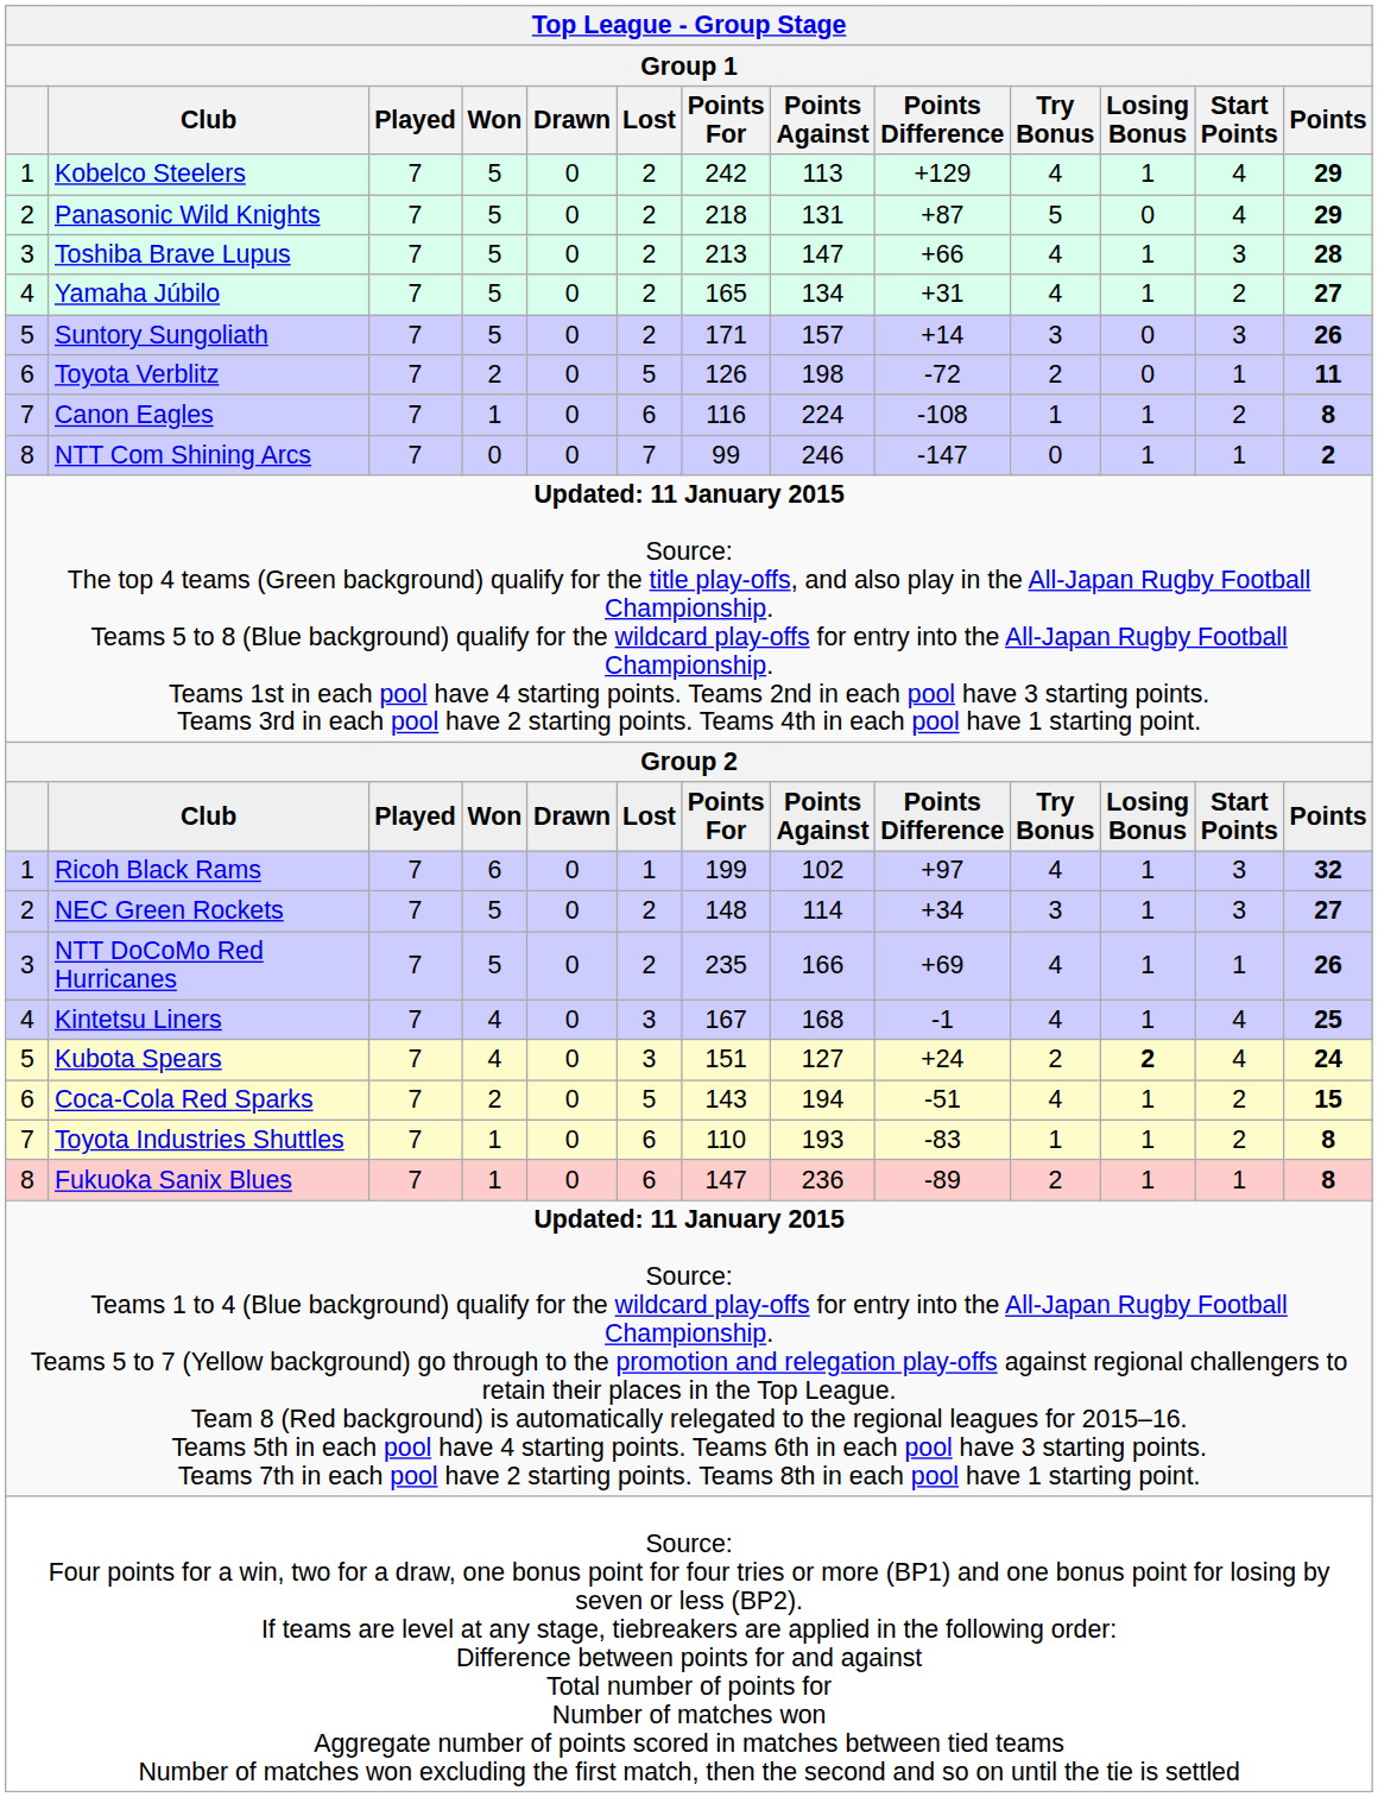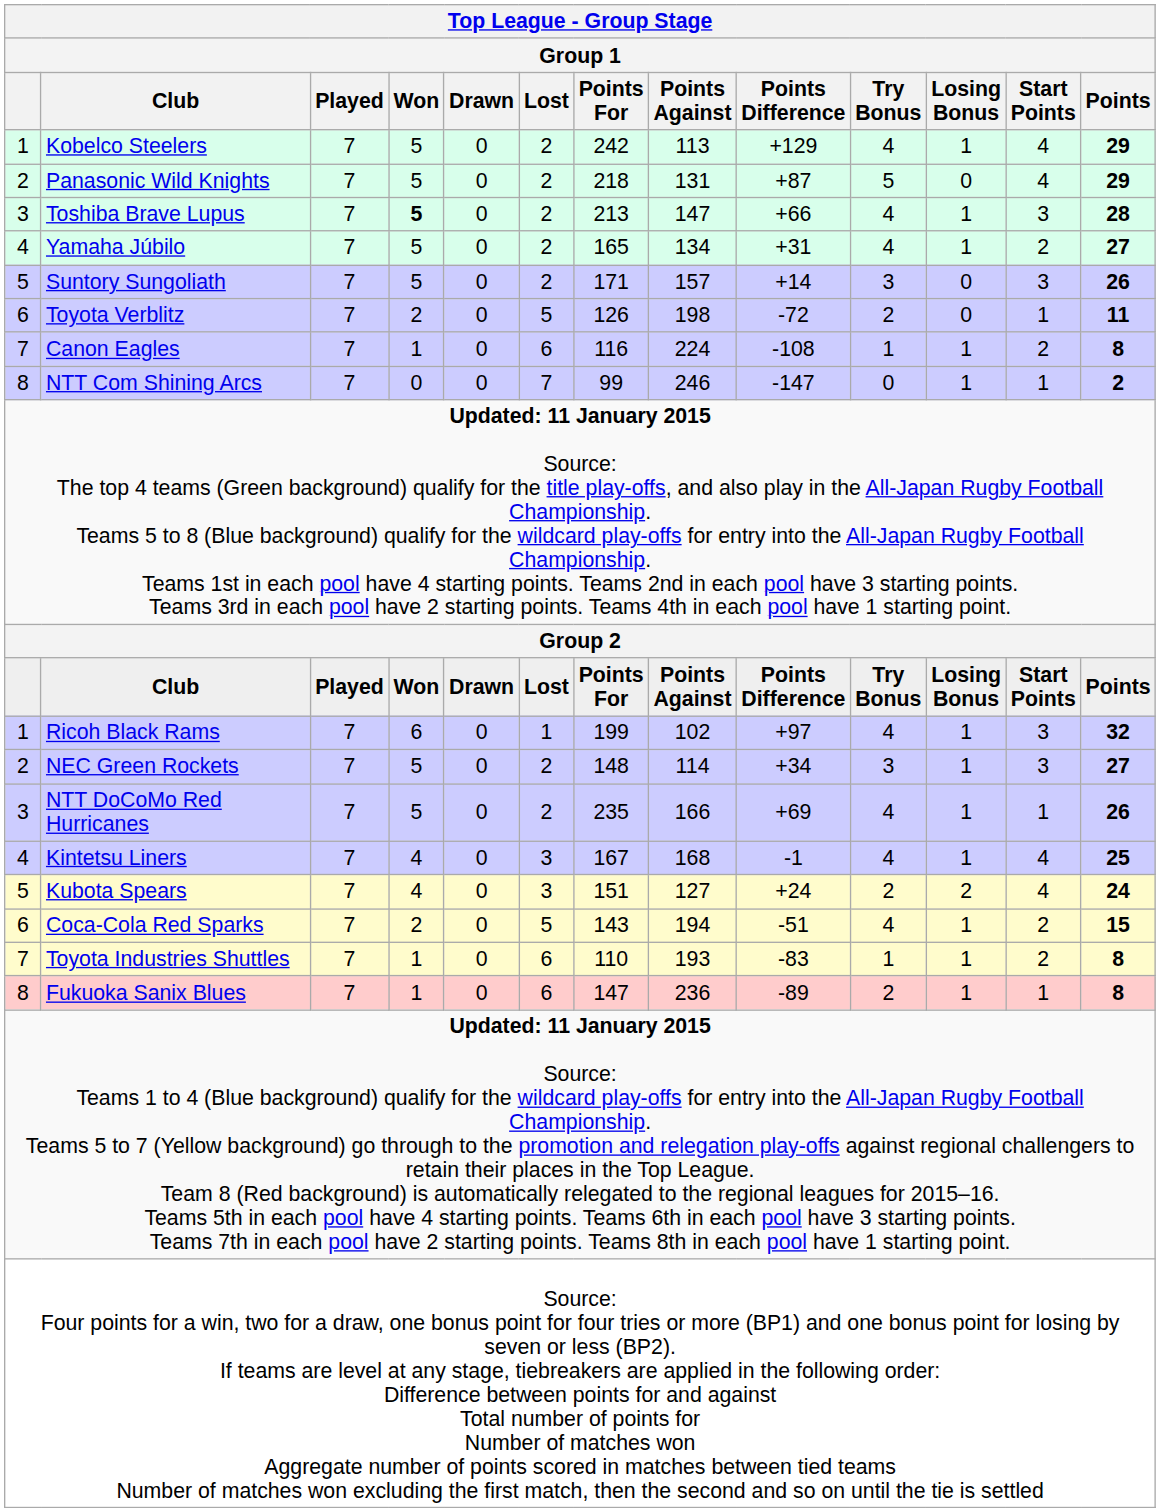 <table class="wikitable" style="text-align: center;">
 <tr bgcolor="#f9f9f9">
 <th colspan="15" cellpadding="0" cellspacing="0"><strong><a href='#'>Top League - Group Stage</a></strong></th>
 </tr>
 <tr bgcolor="#f3f3f3">
 <td colspan="15" cellpadding="0" cellspacing="0"><strong>Group 1</strong></td>
 </tr>
 <tr>
 <th bgcolor="#efefef" width="20"></th>
 <th bgcolor="#efefef" width="195">Club</th>
 <th bgcolor="#efefef" width="20">Played</th>
 <th bgcolor="#efefef" width="20">Won</th>
 <th bgcolor="#efefef" width="20">Drawn</th>
 <th bgcolor="#efefef" width="20">Lost</th>
 <th bgcolor="#efefef" width="20">Points For</th>
 <th bgcolor="#efefef" width="20">Points Against</th>
 <th bgcolor="#efefef" width="20">Points Difference</th>
 <th bgcolor="#efefef" width="20">Try Bonus</th>
 <th bgcolor="#efefef" width="20">Losing Bonus</th>
 <th bgcolor="#efefef" width="20">Start Points</th>
 <th bgcolor="#efefef" width="20">Points<br></th>
 </tr>
 <tr bgcolor=#d8ffeb align=center>
 <td>1</td>
 <td align=left><a href='#'>Kobelco Steelers</a></td>
 <td>7</td>
 <td>5</td>
 <td>0</td>
 <td>2</td>
 <td>242</td>
 <td>113</td>
 <td>+129</td>
 <td>4</td>
 <td>1</td>
 <td>4</td>
 <td><strong>29</strong></td>
 </tr>
 <tr bgcolor=#d8ffeb align=center>
 <td>2</td>
 <td align=left><a href='#'>Panasonic Wild Knights</a></td>
 <td>7</td>
 <td>5</td>
 <td>0</td>
 <td>2</td>
 <td>218</td>
 <td>131</td>
 <td>+87</td>
 <td>5</td>
 <td>0</td>
 <td>4</td>
 <td><strong>29</strong></td>
 </tr>
 <tr bgcolor=#d8ffeb align=center>
 <td>3</td>
 <td align=left><a href='#'>Toshiba Brave Lupus</a></td>
 <td>7</td>
-<td>5</td>
+<td><strong>5</strong></td>
 <td>0</td>
 <td>2</td>
 <td>213</td>
 <td>147</td>
 <td>+66</td>
 <td>4</td>
 <td>1</td>
 <td>3</td>
 <td><strong>28</strong></td>
 </tr>
 <tr bgcolor=#d8ffeb align=center>
 <td>4</td>
 <td align=left><a href='#'>Yamaha Júbilo</a></td>
 <td>7</td>
 <td>5</td>
 <td>0</td>
 <td>2</td>
 <td>165</td>
 <td>134</td>
 <td>+31</td>
 <td>4</td>
 <td>1</td>
 <td>2</td>
 <td><strong>27</strong></td>
 </tr>
 <tr bgcolor=#ccccff align=center>
 <td>5</td>
 <td align=left><a href='#'>Suntory Sungoliath</a></td>
 <td>7</td>
 <td>5</td>
 <td>0</td>
 <td>2</td>
 <td>171</td>
 <td>157</td>
 <td>+14</td>
 <td>3</td>
 <td>0</td>
 <td>3</td>
 <td><strong>26</strong></td>
 </tr>
 <tr bgcolor=#ccccff align=center>
 <td>6</td>
 <td align=left><a href='#'>Toyota Verblitz</a></td>
 <td>7</td>
 <td>2</td>
 <td>0</td>
 <td>5</td>
 <td>126</td>
 <td>198</td>
 <td>-72</td>
 <td>2</td>
 <td>0</td>
 <td>1</td>
 <td><strong>11</strong></td>
 </tr>
 <tr bgcolor=#ccccff align=center>
 <td>7</td>
 <td align=left><a href='#'>Canon Eagles</a></td>
 <td>7</td>
 <td>1</td>
 <td>0</td>
 <td>6</td>
 <td>116</td>
 <td>224</td>
 <td>-108</td>
 <td>1</td>
 <td>1</td>
 <td>2</td>
 <td><strong>8</strong></td>
 </tr>
 <tr bgcolor=#ccccff align=center>
 <td>8</td>
 <td align=left><a href='#'>NTT Com Shining Arcs</a></td>
 <td>7</td>
 <td>0</td>
 <td>0</td>
 <td>7</td>
 <td>99</td>
 <td>246</td>
 <td>-147</td>
 <td>0</td>
 <td>1</td>
 <td>1</td>
 <td><strong>2</strong></td>
 </tr>
 <tr bgcolor="#f9f9f9" align=center>
 <td colspan="15" style="border:0px"><strong>Updated: 11 January 2015</strong> <br><br>Source: <br>  The top 4 teams <span>(Green background)</span> qualify for the <a href='#'>title play-offs</a>, and also play in the <a href='#'>All-Japan Rugby Football Championship</a>.<br>  Teams 5 to 8 <span>(Blue background)</span> qualify for the <a href='#'>wildcard play-offs</a> for entry into the <a href='#'>All-Japan Rugby Football Championship</a>.<br> Teams 1st in each <a href='#'>pool</a> have 4 starting points. Teams 2nd in each <a href='#'>pool</a> have 3 starting points.<br> Teams 3rd in each <a href='#'>pool</a> have 2 starting points. Teams 4th in each <a href='#'>pool</a> have 1 starting point.<br></td>
 </tr>
 <tr |align=left|>
 </tr>
 <tr bgcolor="#f3f3f3">
 <td colspan="15" cellpadding="0" cellspacing="0"><strong>Group 2</strong></td>
 </tr>
 <tr style="font-weight: bold;">
 <td bgcolor="#efefef" width="20"></td>
 <td bgcolor="#efefef" width="195">Club</td>
 <td bgcolor="#efefef" width="20">Played</td>
 <td bgcolor="#efefef" width="20">Won</td>
 <td bgcolor="#efefef" width="20">Drawn</td>
 <td bgcolor="#efefef" width="20">Lost</td>
 <td bgcolor="#efefef" width="20">Points For</td>
 <td bgcolor="#efefef" width="20">Points Against</td>
 <td bgcolor="#efefef" width="20">Points Difference</td>
 <td bgcolor="#efefef" width="20">Try Bonus</td>
 <td bgcolor="#efefef" width="20">Losing Bonus</td>
 <td bgcolor="#efefef" width="20">Start Points</td>
 <td bgcolor="#efefef" width="20">Points<br></td>
 </tr>
 <tr bgcolor=#ccccff align=center>
 <td>1</td>
 <td align=left><a href='#'>Ricoh Black Rams</a></td>
 <td>7</td>
 <td>6</td>
 <td>0</td>
 <td>1</td>
 <td>199</td>
 <td>102</td>
 <td>+97</td>
 <td>4</td>
 <td>1</td>
 <td>3</td>
 <td><strong>32</strong></td>
 </tr>
 <tr bgcolor=#ccccff align=center>
 <td>2</td>
 <td align=left><a href='#'>NEC Green Rockets</a></td>
 <td>7</td>
 <td>5</td>
 <td>0</td>
 <td>2</td>
 <td>148</td>
 <td>114</td>
 <td>+34</td>
 <td>3</td>
 <td>1</td>
 <td>3</td>
 <td><strong>27</strong></td>
 </tr>
 <tr bgcolor=#ccccff align=center>
 <td>3</td>
 <td align=left><a href='#'>NTT DoCoMo Red Hurricanes</a></td>
 <td>7</td>
 <td>5</td>
 <td>0</td>
 <td>2</td>
 <td>235</td>
 <td>166</td>
 <td>+69</td>
 <td>4</td>
 <td>1</td>
 <td>1</td>
 <td><strong>26</strong></td>
 </tr>
 <tr bgcolor=#ccccff align=center>
 <td>4</td>
 <td align=left><a href='#'>Kintetsu Liners</a></td>
 <td>7</td>
 <td>4</td>
 <td>0</td>
 <td>3</td>
 <td>167</td>
 <td>168</td>
 <td>-1</td>
 <td>4</td>
 <td>1</td>
 <td>4</td>
 <td><strong>25</strong></td>
 </tr>
 <tr bgcolor=#fffccc align=center>
 <td>5</td>
 <td align=left><a href='#'>Kubota Spears</a></td>
 <td>7</td>
 <td>4</td>
 <td>0</td>
 <td>3</td>
 <td>151</td>
 <td>127</td>
 <td>+24</td>
 <td>2</td>
-<td><strong>2</strong></td>
+<td>2</td>
 <td>4</td>
 <td><strong>24</strong></td>
 </tr>
 <tr bgcolor=#fffccc align=center>
 <td>6</td>
 <td align=left><a href='#'>Coca-Cola Red Sparks</a></td>
 <td>7</td>
 <td>2</td>
 <td>0</td>
 <td>5</td>
 <td>143</td>
 <td>194</td>
 <td>-51</td>
 <td>4</td>
 <td>1</td>
 <td>2</td>
 <td><strong>15</strong></td>
 </tr>
 <tr bgcolor=#fffccc align=center>
 <td>7</td>
 <td align=left><a href='#'>Toyota Industries Shuttles</a></td>
 <td>7</td>
 <td>1</td>
 <td>0</td>
 <td>6</td>
 <td>110</td>
 <td>193</td>
 <td>-83</td>
 <td>1</td>
 <td>1</td>
 <td>2</td>
 <td><strong>8</strong></td>
 </tr>
 <tr bgcolor=#ffcccc align=center>
 <td>8</td>
 <td align=left><a href='#'>Fukuoka Sanix Blues</a></td>
 <td>7</td>
 <td>1</td>
 <td>0</td>
 <td>6</td>
 <td>147</td>
 <td>236</td>
 <td>-89</td>
 <td>2</td>
 <td>1</td>
 <td>1</td>
 <td><strong>8</strong></td>
 </tr>
 <tr bgcolor="#f9f9f9" align=center>
 <td colspan="15" style="border:0px"><strong>Updated: 11 January 2015</strong> <br><br>Source: <br>  Teams 1 to 4 <span>(Blue background)</span> qualify for the <a href='#'>wildcard play-offs</a> for entry into the <a href='#'>All-Japan Rugby Football Championship</a>.<br> Teams 5 to 7 <span>(Yellow background)</span> go through to the <a href='#'>promotion and relegation play-offs</a> against regional challengers to retain their places in the Top League.<br> Team 8 <span>(Red background)</span> is automatically relegated to the regional leagues for 2015–16.<br> Teams 5th in each <a href='#'>pool</a> have 4 starting points. Teams 6th in each <a href='#'>pool</a> have 3 starting points.<br> Teams 7th in each <a href='#'>pool</a> have 2 starting points. Teams 8th in each <a href='#'>pool</a> have 1 starting point.<br></td>
 </tr>
 <tr |align=left|>
 </tr>
 <tr bgcolor="#ffffff" align=center>
 <td colspan="15"><br>Source: <br> Four points for a win, two for a draw, one bonus point for four tries or more (BP1) and one bonus point for losing by seven or less (BP2).<br> If teams are level at any stage, tiebreakers are applied in the following order:<br>  Difference between points for and against<br>  Total number of points for<br>  Number of matches won<br>  Aggregate number of points scored in matches between tied teams<br>  Number of matches won excluding the first match, then the second and so on until the tie is settled<br></td>
 </tr>
 <tr |align=left|>
 </tr>
 </table>
